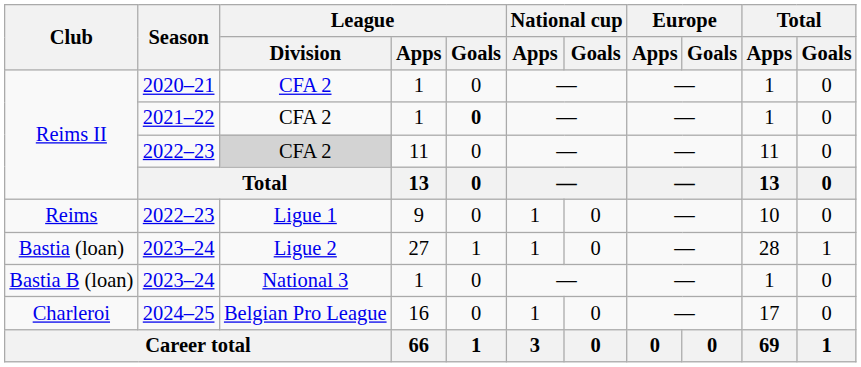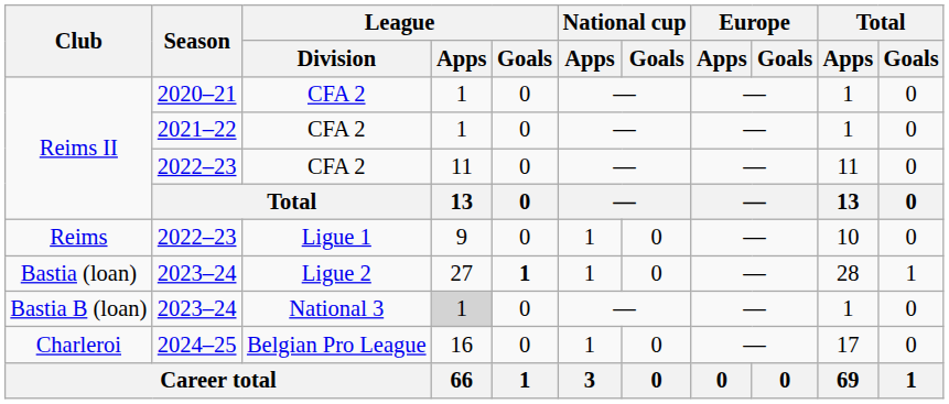 <table class="wikitable" style="text-align:center">
 <tr>
 <th rowspan="2">Club</th>
 <th rowspan="2">Season</th>
 <th colspan="3">League</th>
 <th colspan="2">National cup</th>
 <th colspan="2">Europe</th>
 <th colspan="2">Total</th>
 </tr>
 <tr>
 <th>Division</th>
 <th>Apps</th>
 <th>Goals</th>
 <th>Apps</th>
 <th>Goals</th>
 <th>Apps</th>
 <th>Goals</th>
 <th>Apps</th>
 <th>Goals</th>
 </tr>
 <tr>
 <td rowspan="4"><a href='#'>Reims II</a></td>
 <td><a href='#'>2020–21</a></td>
 <td><a href='#'>CFA 2</a></td>
 <td>1</td>
 <td>0</td>
 <td colspan="2">—</td>
 <td colspan="2">—</td>
 <td>1</td>
 <td>0</td>
 </tr>
 <tr>
 <td><a href='#'>2021–22</a></td>
 <td>CFA 2</td>
 <td>1</td>
-<td><strong>0</strong></td>
+<td>0</td>
 <td colspan="2">—</td>
 <td colspan="2">—</td>
 <td>1</td>
 <td>0</td>
 </tr>
 <tr>
 <td><a href='#'>2022–23</a></td>
-<td style="background: lightgrey;">CFA 2</td>
+<td>CFA 2</td>
 <td>11</td>
 <td>0</td>
 <td colspan="2">—</td>
 <td colspan="2">—</td>
 <td>11</td>
 <td>0</td>
 </tr>
 <tr>
 <th colspan="2">Total</th>
 <th>13</th>
 <th>0</th>
 <th colspan="2">—</th>
 <th colspan="2">—</th>
 <th>13</th>
 <th>0</th>
 </tr>
 <tr>
 <td><a href='#'>Reims</a></td>
 <td><a href='#'>2022–23</a></td>
 <td><a href='#'>Ligue 1</a></td>
 <td>9</td>
 <td>0</td>
 <td>1</td>
 <td>0</td>
 <td colspan="2">—</td>
 <td>10</td>
 <td>0</td>
 </tr>
 <tr>
 <td><a href='#'>Bastia</a> (loan)</td>
 <td><a href='#'>2023–24</a></td>
 <td><a href='#'>Ligue 2</a></td>
 <td>27</td>
-<td>1</td>
+<td><strong>1</strong></td>
 <td>1</td>
 <td>0</td>
 <td colspan="2">—</td>
 <td>28</td>
 <td>1</td>
 </tr>
 <tr>
 <td><a href='#'>Bastia B</a> (loan)</td>
 <td><a href='#'>2023–24</a></td>
 <td><a href='#'>National 3</a></td>
-<td>1</td>
+<td style="background: lightgrey;">1</td>
 <td>0</td>
 <td colspan="2">—</td>
 <td colspan="2">—</td>
 <td>1</td>
 <td>0</td>
 </tr>
 <tr>
 <td><a href='#'>Charleroi</a></td>
 <td><a href='#'>2024–25</a></td>
 <td><a href='#'>Belgian Pro League</a></td>
 <td>16</td>
 <td>0</td>
 <td>1</td>
 <td>0</td>
 <td colspan="2">—</td>
 <td>17</td>
 <td>0</td>
 </tr>
 <tr>
 <th colspan="3">Career total</th>
 <th>66</th>
 <th>1</th>
 <th>3</th>
 <th>0</th>
 <th>0</th>
 <th>0</th>
 <th>69</th>
 <th>1</th>
 </tr>
 </table>
